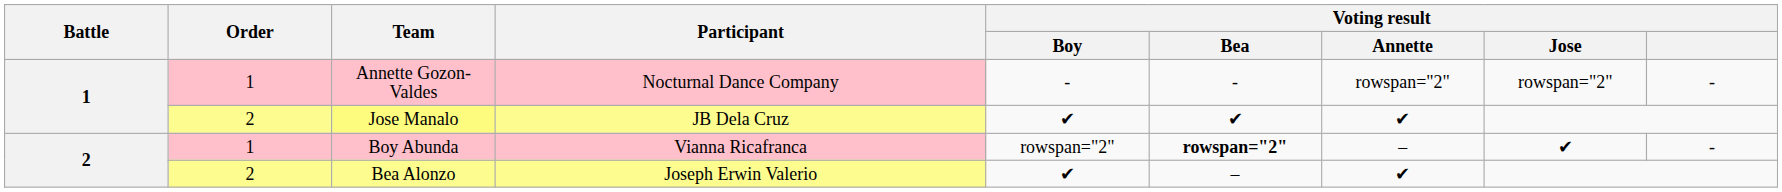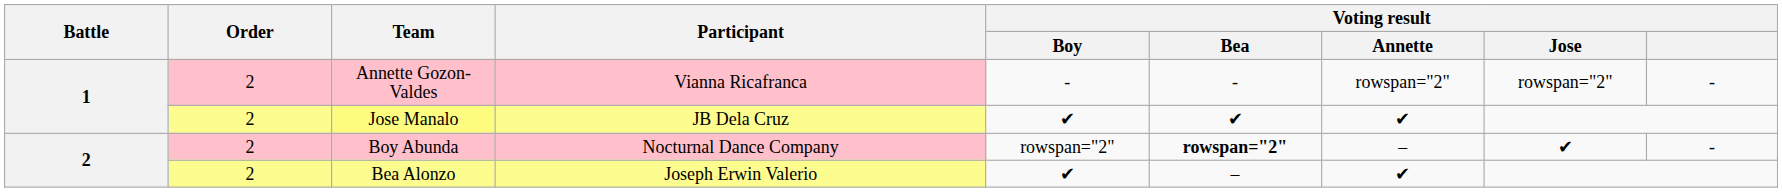 <table class="wikitable" style="text-align:center; line-height:17px; width:100%;">
 <tr>
 <th scope="col" rowspan="2" width="05%">Battle</th>
 <th scope="col" rowspan="2" width="05%">Order</th>
 <th scope="col" rowspan="2" width="05%">Team</th>
 <th scope="col" rowspan="2" width="15%">Participant</th>
 <th scope="col" colspan="5" width="20%">Voting result</th>
 </tr>
 <tr>
 <th width="4%">Boy</th>
 <th width="4%">Bea</th>
 <th width="4%">Annette</th>
 <th width="4%">Jose</th>
 <th width="4%"></th>
 </tr>
 <tr>
 <th rowspan="2">1</th>
-<td style="background:pink;">1</td>
+<td style="background:pink;">2</td>
 <td style="background:pink;">Annette Gozon-Valdes</td>
-<td style="background:pink;">Nocturnal Dance Company</td>
+<td style="background:pink;">Vianna Ricafranca</td>
 <td>-</td>
 <td>-</td>
 <td>rowspan="2" </td>
 <td>rowspan="2" </td>
 <td>-</td>
 </tr>
 <tr>
 <td style="background:#fdfc8f;">2</td>
 <td style="background:#fdfc7f;">Jose Manalo</td>
 <td style="background:#fdfc8f;">JB Dela Cruz</td>
 <td>✔</td>
 <td>✔</td>
 <td>✔</td>
 </tr>
 <tr>
 <th rowspan="2">2</th>
-<td style="background:pink;">1</td>
+<td style="background:pink;">2</td>
 <td style="background:pink;">Boy Abunda</td>
-<td style="background:pink;">Vianna Ricafranca</td>
+<td style="background:pink;">Nocturnal Dance Company</td>
 <td>rowspan="2" </td>
 <td><strong>rowspan="2" </strong></td>
 <td>–</td>
 <td>✔</td>
 <td>-</td>
 </tr>
 <tr>
 <td style="background:#fdfc8f;">2</td>
 <td style="background:#fdfc8f;">Bea Alonzo</td>
 <td style="background:#fdfc8f;">Joseph Erwin Valerio</td>
 <td>✔</td>
 <td>–</td>
 <td>✔</td>
 </tr>
 </table>
